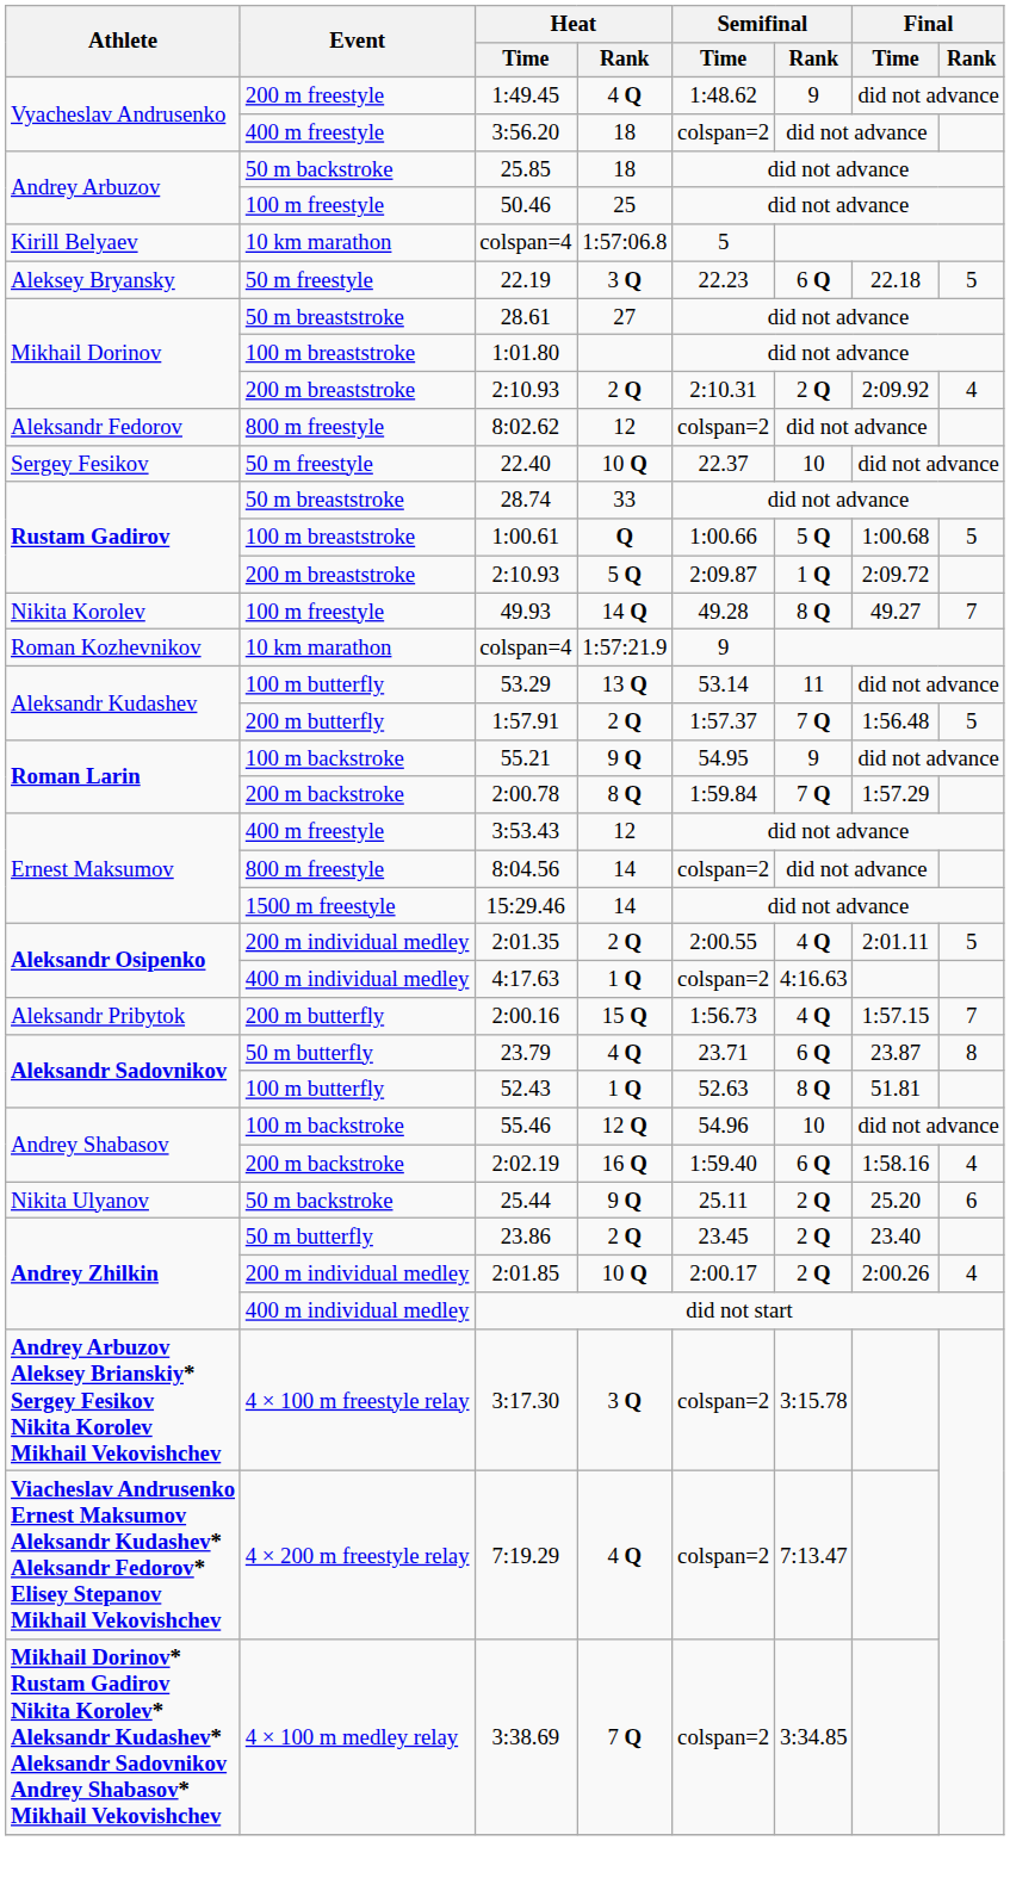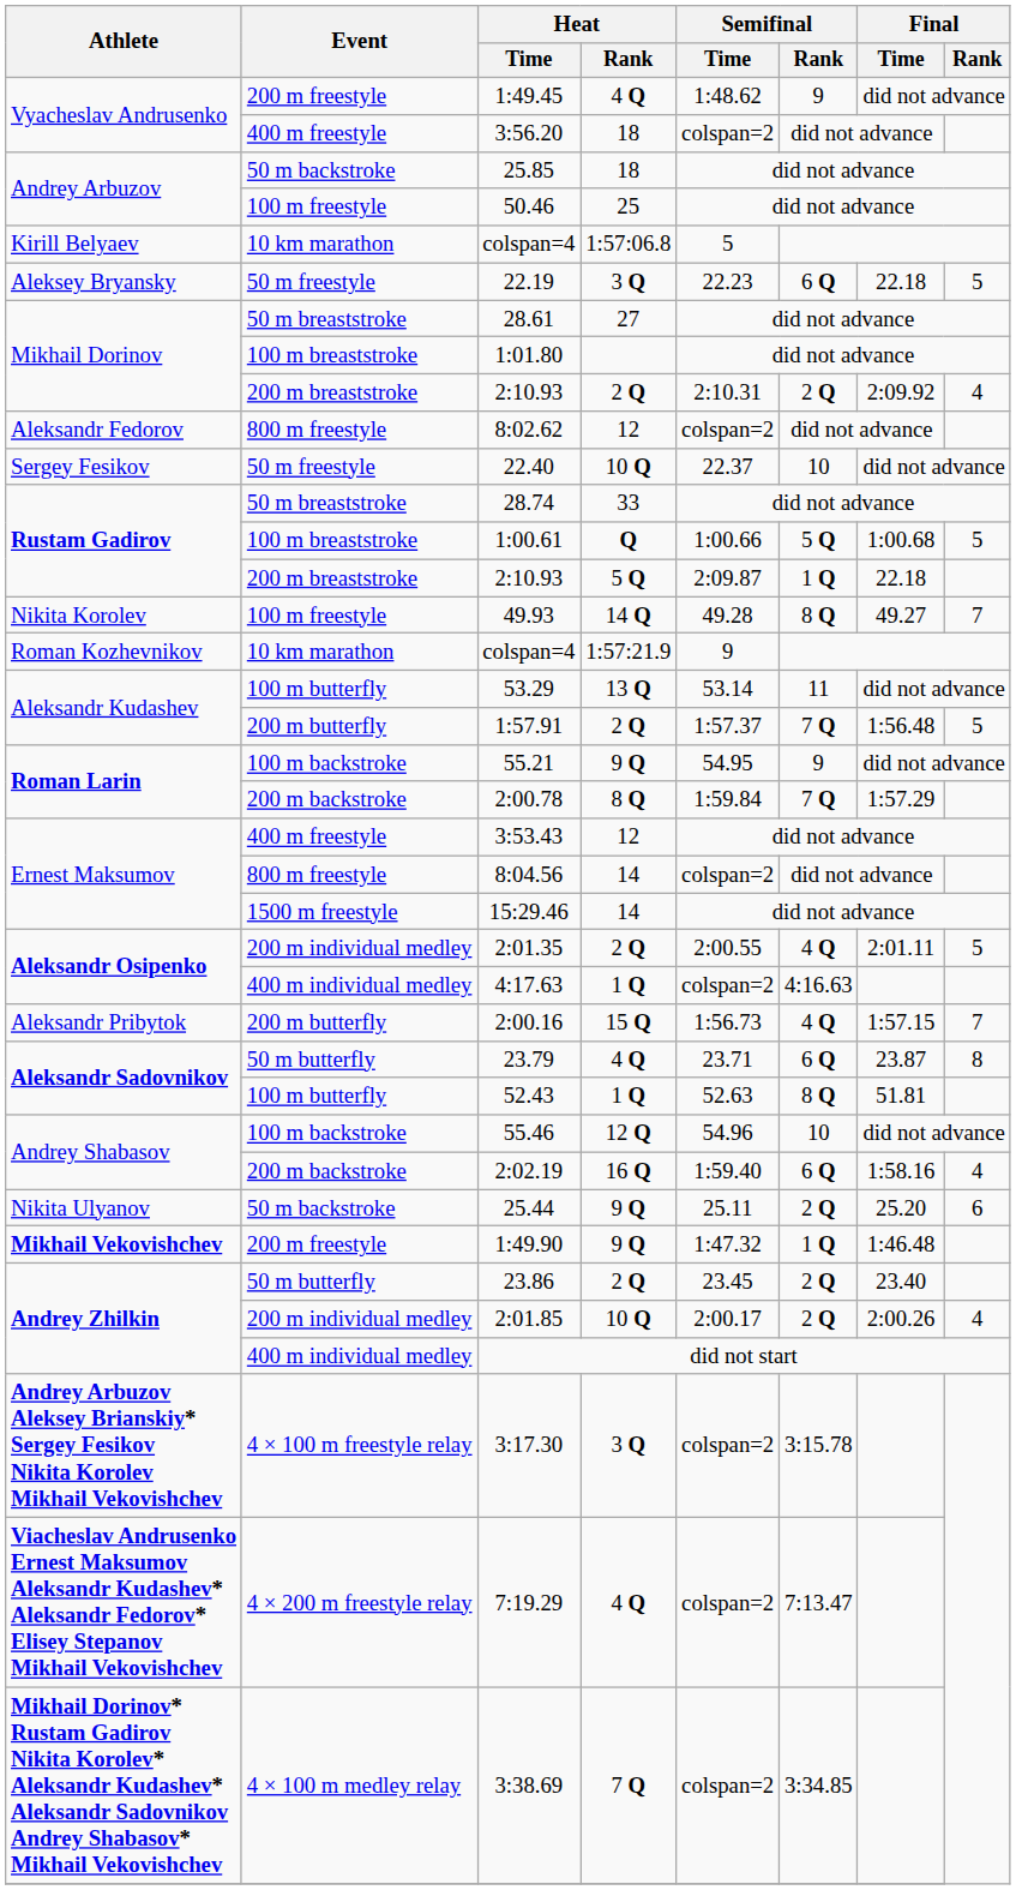 <table class="wikitable" style="text-align:center; font-size:90%">
 <tr>
 <th rowspan=2>Athlete</th>
 <th rowspan=2>Event</th>
 <th colspan=2>Heat</th>
 <th colspan=2>Semifinal</th>
 <th colspan=2>Final</th>
 </tr>
 <tr style="font-size:95%">
 <th>Time</th>
 <th>Rank</th>
 <th>Time</th>
 <th>Rank</th>
 <th>Time</th>
 <th>Rank</th>
 </tr>
 <tr>
 <td align=left rowspan=2><a href='#'>Vyacheslav Andrusenko</a></td>
 <td align=left><a href='#'>200 m freestyle</a></td>
 <td>1:49.45</td>
 <td>4 <strong>Q</strong></td>
 <td>1:48.62</td>
 <td>9</td>
 <td colspan=2>did not advance</td>
 </tr>
 <tr>
 <td align=left><a href='#'>400 m freestyle</a></td>
 <td>3:56.20</td>
 <td>18</td>
 <td>colspan=2 </td>
 <td colspan=2>did not advance</td>
 </tr>
 <tr>
 <td align=left rowspan=2><a href='#'>Andrey Arbuzov</a></td>
 <td align=left><a href='#'>50 m backstroke</a></td>
 <td>25.85</td>
 <td>18</td>
 <td colspan=4>did not advance</td>
 </tr>
 <tr>
 <td align=left><a href='#'>100 m freestyle</a></td>
 <td>50.46</td>
 <td>25</td>
 <td colspan=4>did not advance</td>
 </tr>
 <tr>
 <td align=left><a href='#'>Kirill Belyaev</a></td>
 <td align=left><a href='#'>10 km marathon</a></td>
 <td>colspan=4 </td>
 <td>1:57:06.8</td>
 <td>5</td>
 </tr>
 <tr>
 <td align=left><a href='#'>Aleksey Bryansky</a></td>
 <td align=left><a href='#'>50 m freestyle</a></td>
 <td>22.19</td>
 <td>3 <strong>Q</strong></td>
 <td>22.23</td>
 <td>6 <strong>Q</strong></td>
 <td>22.18</td>
 <td>5</td>
 </tr>
 <tr>
 <td align=left rowspan=3><a href='#'>Mikhail Dorinov</a></td>
 <td align=left><a href='#'>50 m breaststroke</a></td>
 <td>28.61</td>
 <td>27</td>
 <td colspan=4>did not advance</td>
 </tr>
 <tr>
 <td align=left><a href='#'>100 m breaststroke</a></td>
 <td>1:01.80</td>
 <td></td>
 <td colspan=4>did not advance</td>
 </tr>
 <tr>
 <td align=left><a href='#'>200 m breaststroke</a></td>
 <td>2:10.93</td>
 <td>2 <strong>Q</strong></td>
 <td>2:10.31</td>
 <td>2 <strong>Q</strong></td>
 <td>2:09.92</td>
 <td>4</td>
 </tr>
 <tr>
 <td align=left><a href='#'>Aleksandr Fedorov</a></td>
 <td align=left><a href='#'>800 m freestyle</a></td>
 <td>8:02.62</td>
 <td>12</td>
 <td>colspan=2 </td>
 <td colspan=2>did not advance</td>
 </tr>
 <tr>
 <td align=left><a href='#'>Sergey Fesikov</a></td>
 <td align=left><a href='#'>50 m freestyle</a></td>
 <td>22.40</td>
 <td>10 <strong>Q</strong></td>
 <td>22.37</td>
 <td>10</td>
 <td colspan=2>did not advance</td>
 </tr>
 <tr>
 <td align=left rowspan=3><strong><a href='#'>Rustam Gadirov</a></strong></td>
 <td align=left><a href='#'>50 m breaststroke</a></td>
 <td>28.74</td>
 <td>33</td>
 <td colspan=4>did not advance</td>
 </tr>
 <tr>
 <td align=left><a href='#'>100 m breaststroke</a></td>
 <td>1:00.61</td>
 <td><strong>Q</strong></td>
 <td>1:00.66</td>
 <td>5 <strong>Q</strong></td>
 <td>1:00.68</td>
 <td>5</td>
 </tr>
 <tr>
 <td align=left><a href='#'>200 m breaststroke</a></td>
 <td>2:10.93</td>
 <td>5 <strong>Q</strong></td>
 <td>2:09.87</td>
 <td>1 <strong>Q</strong></td>
-<td>2:09.72</td>
+<td>22.18</td>
 <td></td>
 </tr>
 <tr>
 <td align=left><a href='#'>Nikita Korolev</a></td>
 <td align=left><a href='#'>100 m freestyle</a></td>
 <td>49.93</td>
 <td>14 <strong>Q</strong></td>
 <td>49.28</td>
 <td>8 <strong>Q</strong></td>
 <td>49.27</td>
 <td>7</td>
 </tr>
 <tr>
 <td align=left><a href='#'>Roman Kozhevnikov</a></td>
 <td align=left><a href='#'>10 km marathon</a></td>
 <td>colspan=4 </td>
 <td>1:57:21.9</td>
 <td>9</td>
 </tr>
 <tr>
 <td align=left rowspan=2><a href='#'>Aleksandr Kudashev</a></td>
 <td align=left><a href='#'>100 m butterfly</a></td>
 <td>53.29</td>
 <td>13 <strong>Q</strong></td>
 <td>53.14</td>
 <td>11</td>
 <td colspan=2>did not advance</td>
 </tr>
 <tr>
 <td align=left><a href='#'>200 m butterfly</a></td>
 <td>1:57.91</td>
 <td>2 <strong>Q</strong></td>
 <td>1:57.37</td>
 <td>7 <strong>Q</strong></td>
 <td>1:56.48</td>
 <td>5</td>
 </tr>
 <tr>
 <td align=left rowspan=2><strong><a href='#'>Roman Larin</a></strong></td>
 <td align=left><a href='#'>100 m backstroke</a></td>
 <td>55.21</td>
 <td>9 <strong>Q</strong></td>
 <td>54.95</td>
 <td>9</td>
 <td colspan=2>did not advance</td>
 </tr>
 <tr>
 <td align=left><a href='#'>200 m backstroke</a></td>
 <td>2:00.78</td>
 <td>8 <strong>Q</strong></td>
 <td>1:59.84</td>
 <td>7 <strong>Q</strong></td>
 <td>1:57.29</td>
 <td></td>
 </tr>
 <tr>
 <td align=left rowspan=3><a href='#'>Ernest Maksumov</a></td>
 <td align=left><a href='#'>400 m freestyle</a></td>
 <td>3:53.43</td>
 <td>12</td>
 <td colspan=4>did not advance</td>
 </tr>
 <tr>
 <td align=left><a href='#'>800 m freestyle</a></td>
 <td>8:04.56</td>
 <td>14</td>
 <td>colspan=2 </td>
 <td colspan=2>did not advance</td>
 </tr>
 <tr>
 <td align=left><a href='#'>1500 m freestyle</a></td>
 <td>15:29.46</td>
 <td>14</td>
 <td colspan=4>did not advance</td>
 </tr>
 <tr>
 <td align=left rowspan=2><strong><a href='#'>Aleksandr Osipenko</a></strong></td>
 <td align=left><a href='#'>200 m individual medley</a></td>
 <td>2:01.35</td>
 <td>2 <strong>Q</strong></td>
 <td>2:00.55</td>
 <td>4 <strong>Q</strong></td>
 <td>2:01.11</td>
 <td>5</td>
 </tr>
 <tr>
 <td align=left><a href='#'>400 m individual medley</a></td>
 <td>4:17.63</td>
 <td>1 <strong>Q</strong></td>
 <td>colspan=2 </td>
 <td>4:16.63</td>
 <td></td>
 </tr>
 <tr>
 <td align=left><a href='#'>Aleksandr Pribytok</a></td>
 <td align=left><a href='#'>200 m butterfly</a></td>
 <td>2:00.16</td>
 <td>15 <strong>Q</strong></td>
 <td>1:56.73</td>
 <td>4 <strong>Q</strong></td>
 <td>1:57.15</td>
 <td>7</td>
 </tr>
 <tr>
 <td align=left rowspan=2><strong><a href='#'>Aleksandr Sadovnikov</a></strong></td>
 <td align=left><a href='#'>50 m butterfly</a></td>
 <td>23.79</td>
 <td>4 <strong>Q</strong></td>
 <td>23.71</td>
 <td>6 <strong>Q</strong></td>
 <td>23.87</td>
 <td>8</td>
 </tr>
 <tr>
 <td align=left><a href='#'>100 m butterfly</a></td>
 <td>52.43</td>
 <td>1 <strong>Q</strong></td>
 <td>52.63</td>
 <td>8 <strong>Q</strong></td>
 <td>51.81</td>
 <td></td>
 </tr>
 <tr>
 <td align=left rowspan=2><a href='#'>Andrey Shabasov</a></td>
 <td align=left><a href='#'>100 m backstroke</a></td>
 <td>55.46</td>
 <td>12 <strong>Q</strong></td>
 <td>54.96</td>
 <td>10</td>
 <td colspan=2>did not advance</td>
 </tr>
 <tr>
 <td align=left><a href='#'>200 m backstroke</a></td>
 <td>2:02.19</td>
 <td>16 <strong>Q</strong></td>
 <td>1:59.40</td>
 <td>6 <strong>Q</strong></td>
 <td>1:58.16</td>
 <td>4</td>
 </tr>
 <tr>
 <td align=left><a href='#'>Nikita Ulyanov</a></td>
 <td align=left><a href='#'>50 m backstroke</a></td>
 <td>25.44</td>
 <td>9 <strong>Q</strong></td>
 <td>25.11</td>
 <td>2 <strong>Q</strong></td>
 <td>25.20</td>
 <td>6</td>
 </tr>
 <tr>
+<td align=left><strong><a href='#'>Mikhail Vekovishchev</a></strong></td>
+<td align=left><a href='#'>200 m freestyle</a></td>
+<td>1:49.90</td>
+<td>9 <strong>Q</strong></td>
+<td>1:47.32</td>
+<td>1 <strong>Q</strong></td>
+<td>1:46.48</td>
+<td></td>
+</tr>
+<tr>
 <td align=left rowspan=3><strong><a href='#'>Andrey Zhilkin</a></strong></td>
 <td align=left><a href='#'>50 m butterfly</a></td>
 <td>23.86</td>
 <td>2 <strong>Q</strong></td>
 <td>23.45</td>
 <td>2 <strong>Q</strong></td>
 <td>23.40</td>
 <td></td>
 </tr>
 <tr>
 <td align=left><a href='#'>200 m individual medley</a></td>
 <td>2:01.85</td>
 <td>10 <strong>Q</strong></td>
 <td>2:00.17</td>
 <td>2 <strong>Q</strong></td>
 <td>2:00.26</td>
 <td>4</td>
 </tr>
 <tr>
 <td align=left><a href='#'>400 m individual medley</a></td>
 <td colspan=6>did not start</td>
 </tr>
 <tr>
 <td align=left><strong><a href='#'>Andrey Arbuzov</a><br><a href='#'>Aleksey Brianskiy</a>*<br><a href='#'>Sergey Fesikov</a><br><a href='#'>Nikita Korolev</a><br><a href='#'>Mikhail Vekovishchev</a></strong></td>
 <td align=left><a href='#'>4 × 100 m freestyle relay</a></td>
 <td>3:17.30</td>
 <td>3 <strong>Q</strong></td>
 <td>colspan=2 </td>
 <td>3:15.78</td>
 <td></td>
 </tr>
 <tr>
 <td align=left><strong><a href='#'>Viacheslav Andrusenko</a><br><a href='#'>Ernest Maksumov</a><br><a href='#'>Aleksandr Kudashev</a>*<br><a href='#'>Aleksandr Fedorov</a>*<br><a href='#'>Elisey Stepanov</a><br><a href='#'>Mikhail Vekovishchev</a></strong></td>
 <td align=left><a href='#'>4 × 200 m freestyle relay</a></td>
 <td>7:19.29</td>
 <td>4 <strong>Q</strong></td>
 <td>colspan=2 </td>
 <td>7:13.47</td>
 <td></td>
 </tr>
 <tr>
 <td align=left><strong><a href='#'>Mikhail Dorinov</a>*<br><a href='#'>Rustam Gadirov</a><br><a href='#'>Nikita Korolev</a>*<br><a href='#'>Aleksandr Kudashev</a>*<br><a href='#'>Aleksandr Sadovnikov</a><br><a href='#'>Andrey Shabasov</a>*<br><a href='#'>Mikhail Vekovishchev</a></strong></td>
 <td align=left><a href='#'>4 × 100 m medley relay</a></td>
 <td>3:38.69</td>
 <td>7 <strong>Q</strong></td>
 <td>colspan=2 </td>
 <td>3:34.85</td>
 <td></td>
 </tr>
 <tr>
 </tr>
 </table>
